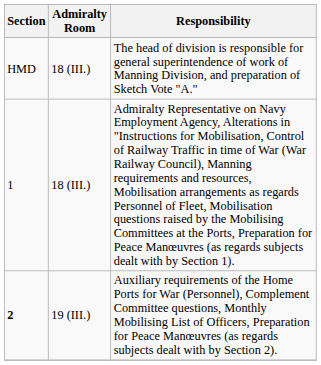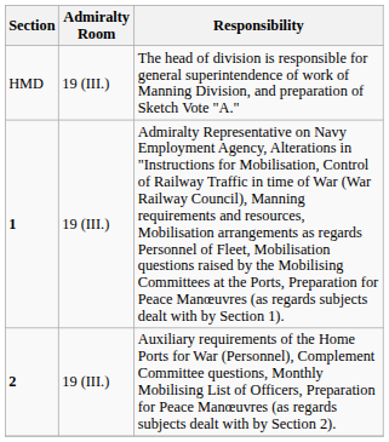 <table class="collapsible wikitable collapsed" style="width: 65%">
 <tr>
 <th>Section</th>
 <th>Admiralty Room</th>
 <th>Responsibility</th>
 </tr>
 <tr>
 <td>HMD</td>
-<td>18 (III.)</td>
+<td>19 (III.)</td>
 <td>The head of division is responsible for general superintendence of work of Manning Division, and preparation of Sketch Vote "A."</td>
 </tr>
 <tr>
-<td>1</td>
-<td>18 (III.)</td>
+<td><strong>1</strong></td>
+<td>19 (III.)</td>
 <td>Admiralty Representative on Navy Employment Agency, Alterations in "Instructions for Mobilisation, Control of Railway Traffic in time of War (War Railway Council), Manning requirements and resources, Mobilisation arrangements as regards Personnel of Fleet, Mobilisation questions raised by the Mobilising Committees at the Ports, Preparation for Peace Manœuvres (as regards subjects dealt with by Section 1).</td>
 </tr>
 <tr>
 <td><strong>2</strong></td>
 <td>19 (III.)</td>
 <td>Auxiliary requirements of the Home Ports for War (Personnel), Complement Committee questions, Monthly Mobilising List of Officers, Preparation for Peace Manœuvres (as regards subjects dealt with by Section 2).</td>
 </tr>
 <tr>
 </tr>
 </table>
